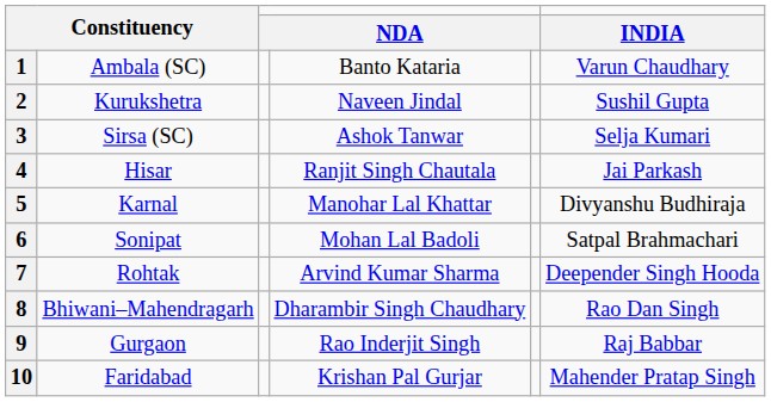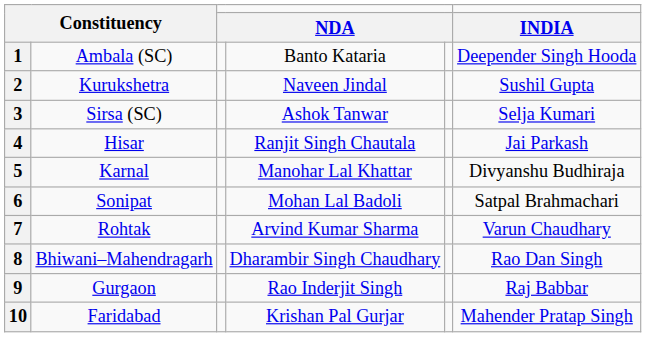 <table class="wikitable sortable" style="text-align:center;">
 <tr>
 <th colspan="2" rowspan="2">Constituency</th>
 <td colspan="3"></td>
 <td colspan="3"></td>
 </tr>
 <tr>
 <th colspan="3"><a href='#'>NDA</a></th>
 <th colspan="3"><a href='#'>INDIA</a></th>
 </tr>
 <tr>
 <th>1</th>
 <td><a href='#'>Ambala</a> (SC)</td>
 <td></td>
 <td>Banto Kataria</td>
 <td></td>
-<td><a href='#'>Varun Chaudhary</a></td>
+<td><a href='#'>Deepender Singh Hooda</a></td>
 </tr>
 <tr>
 <th>2</th>
 <td><a href='#'>Kurukshetra</a></td>
 <td></td>
 <td><a href='#'>Naveen Jindal</a></td>
 <td></td>
 <td><a href='#'>Sushil Gupta</a></td>
 </tr>
 <tr>
 <th>3</th>
 <td><a href='#'>Sirsa</a> (SC)</td>
 <td></td>
 <td><a href='#'>Ashok Tanwar</a></td>
 <td></td>
 <td><a href='#'>Selja Kumari</a></td>
 </tr>
 <tr>
 <th>4</th>
 <td><a href='#'>Hisar</a></td>
 <td></td>
 <td><a href='#'>Ranjit Singh Chautala</a></td>
 <td></td>
 <td><a href='#'>Jai Parkash</a></td>
 </tr>
 <tr>
 <th>5</th>
 <td><a href='#'>Karnal</a></td>
 <td></td>
 <td><a href='#'>Manohar Lal Khattar</a></td>
 <td></td>
 <td>Divyanshu Budhiraja</td>
 </tr>
 <tr>
 <th>6</th>
 <td><a href='#'>Sonipat</a></td>
 <td></td>
 <td><a href='#'>Mohan Lal Badoli</a></td>
 <td></td>
 <td>Satpal Brahmachari</td>
 </tr>
 <tr>
 <th>7</th>
 <td><a href='#'>Rohtak</a></td>
 <td></td>
 <td><a href='#'>Arvind Kumar Sharma</a></td>
 <td></td>
-<td><a href='#'>Deepender Singh Hooda</a></td>
+<td><a href='#'>Varun Chaudhary</a></td>
 </tr>
 <tr>
 <th>8</th>
 <td><a href='#'>Bhiwani–Mahendragarh</a></td>
 <td></td>
 <td><a href='#'>Dharambir Singh Chaudhary</a></td>
 <td></td>
 <td><a href='#'>Rao Dan Singh</a></td>
 </tr>
 <tr>
 <th>9</th>
 <td><a href='#'>Gurgaon</a></td>
 <td></td>
 <td><a href='#'>Rao Inderjit Singh</a></td>
 <td></td>
 <td><a href='#'>Raj Babbar</a></td>
 </tr>
 <tr>
 <th>10</th>
 <td><a href='#'>Faridabad</a></td>
 <td></td>
 <td><a href='#'>Krishan Pal Gurjar</a></td>
 <td></td>
 <td><a href='#'>Mahender Pratap Singh</a></td>
 </tr>
 </table>
